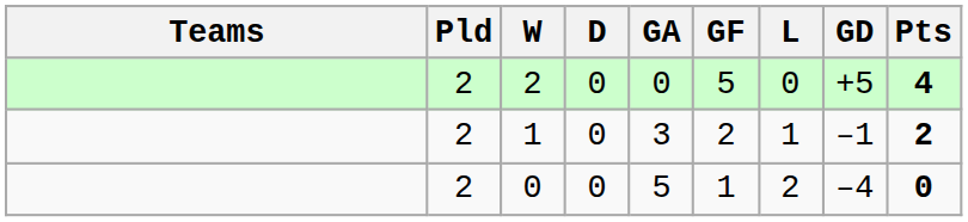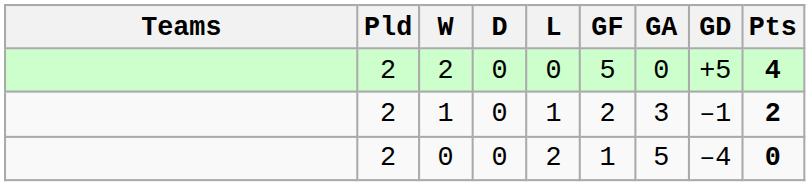 <table class="wikitable" style="text-align: center;">
 <tr>
 <th width=165>Teams</th>
 <th width=20>Pld</th>
 <th width=20>W</th>
 <th width=20>D</th>
+<th width=20>L</th>
+<th width=20>GF</th>
 <th width=20>GA</th>
-<th width=20>GF</th>
-<th width=20>L</th>
 <th width=20>GD</th>
 <th width=20>Pts</th>
 </tr>
 <tr align=center style="background:#ccffcc;">
 <td style="text-align:left;"></td>
 <td>2</td>
 <td>2</td>
 <td>0</td>
 <td>0</td>
 <td>5</td>
 <td>0</td>
 <td>+5</td>
 <td><strong>4</strong></td>
 </tr>
 <tr align=center>
 <td style="text-align:left;"></td>
 <td>2</td>
 <td>1</td>
 <td>0</td>
+<td>1</td>
+<td>2</td>
 <td>3</td>
-<td>2</td>
-<td>1</td>
 <td>–1</td>
 <td><strong>2</strong></td>
 </tr>
 <tr align=center>
 <td style="text-align:left;"></td>
 <td>2</td>
 <td>0</td>
 <td>0</td>
+<td>2</td>
+<td>1</td>
 <td>5</td>
-<td>1</td>
-<td>2</td>
 <td>–4</td>
 <td><strong>0</strong></td>
 </tr>
 </table>
